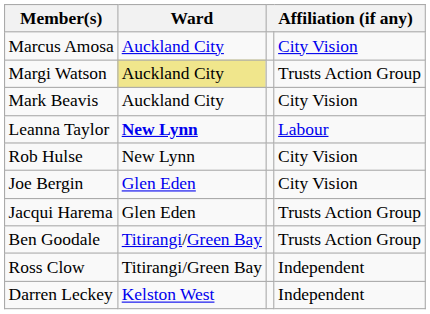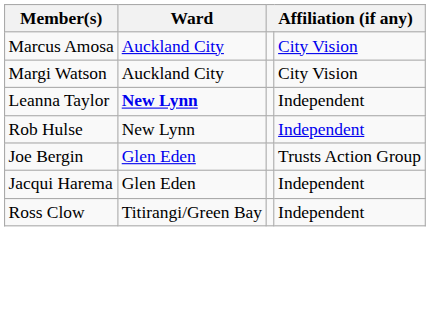 <table class="wikitable">
 <tr>
 <th>Member(s)</th>
 <th>Ward</th>
 <th colspan="2">Affiliation (if any)</th>
 </tr>
 <tr>
 <td>Marcus Amosa</td>
 <td><a href='#'>Auckland City</a></td>
 <td></td>
 <td><a href='#'>City Vision</a></td>
 </tr>
 <tr>
 <td>Margi Watson</td>
-<td style="background: khaki;">Auckland City</td>
-<td></td>
-<td>Trusts Action Group</td>
-</tr>
-<tr>
-<td>Mark Beavis</td>
 <td>Auckland City</td>
 <td></td>
 <td>City Vision</td>
 </tr>
 <tr>
 <td>Leanna Taylor</td>
 <td><strong><a href='#'>New Lynn</a></strong></td>
 <td></td>
-<td><a href='#'>Labour</a></td>
+<td>Independent</td>
 </tr>
 <tr>
 <td>Rob Hulse</td>
 <td>New Lynn</td>
 <td></td>
-<td>City Vision</td>
+<td><a href='#'>Independent</a></td>
 </tr>
 <tr>
 <td>Joe Bergin</td>
 <td><a href='#'>Glen Eden</a></td>
 <td></td>
-<td>City Vision</td>
+<td>Trusts Action Group</td>
 </tr>
 <tr>
 <td>Jacqui Harema</td>
 <td>Glen Eden</td>
 <td></td>
-<td>Trusts Action Group</td>
-</tr>
-<tr>
-<td>Ben Goodale</td>
-<td><a href='#'>Titirangi</a>/<a href='#'>Green Bay</a></td>
-<td></td>
-<td>Trusts Action Group</td>
+<td>Independent</td>
 </tr>
 <tr>
 <td>Ross Clow</td>
 <td>Titirangi/Green Bay</td>
 <td></td>
 <td>Independent</td>
 </tr>
-<tr>
-<td>Darren Leckey</td>
-<td><a href='#'>Kelston West</a></td>
-<td></td>
-<td>Independent</td>
-</tr>
 </table>
